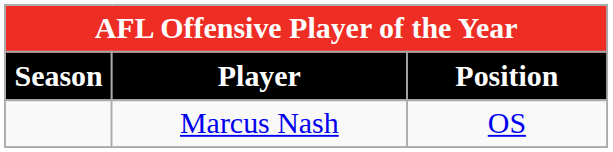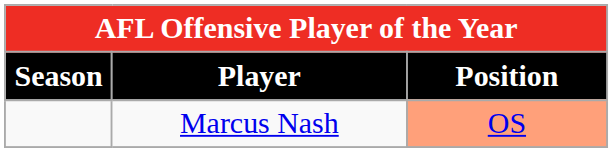 <table class="wikitable sortable" style="text-align:center">
 <tr>
 <td colspan="4" style="background:#EE2D24; color:white;"><strong>AFL Offensive Player of the Year</strong></td>
 </tr>
 <tr>
 <th style="width:50px; background:#000; color:white;">Season</th>
 <th style="width:150px; background:#000; color:white;">Player</th>
 <th style="width:100px; background:#000; color:white;">Position</th>
 </tr>
 <tr>
 <td></td>
 <td><a href='#'>Marcus Nash</a></td>
-<td><a href='#'>OS</a></td>
+<td style="background: lightsalmon;"><a href='#'>OS</a></td>
 </tr>
 </table>
